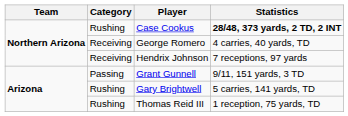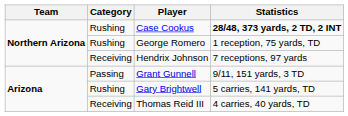 <table class="wikitable" style="float: right;">
 <tr>
 <th>Team</th>
 <th>Category</th>
 <th>Player</th>
 <th>Statistics</th>
 </tr>
 <tr>
 <td rowspan=3><strong>Northern Arizona</strong></td>
 <td>Rushing</td>
 <td><a href='#'>Case Cookus</a></td>
 <td><strong>28/48, 373 yards, 2 TD, 2 INT</strong></td>
 </tr>
 <tr>
-<td>Receiving</td>
+<td>Rushing</td>
 <td>George Romero</td>
-<td>4 carries, 40 yards, TD</td>
+<td>1 reception, 75 yards, TD</td>
 </tr>
 <tr>
 <td>Receiving</td>
 <td>Hendrix Johnson</td>
 <td>7 receptions, 97 yards</td>
 </tr>
 <tr>
 <td rowspan=3><strong>Arizona</strong></td>
 <td>Passing</td>
 <td><a href='#'>Grant Gunnell</a></td>
 <td>9/11, 151 yards, 3 TD</td>
 </tr>
 <tr>
 <td>Rushing</td>
 <td><a href='#'>Gary Brightwell</a></td>
 <td>5 carries, 141 yards, TD</td>
 </tr>
 <tr>
-<td>Rushing</td>
+<td>Receiving</td>
 <td>Thomas Reid III</td>
-<td>1 reception, 75 yards, TD</td>
+<td>4 carries, 40 yards, TD</td>
 </tr>
 </table>
